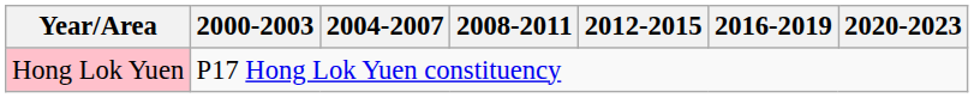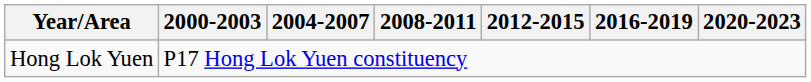 <table class=wikitable>
 <tr>
 <th>Year/Area</th>
 <th>2000-2003</th>
 <th>2004-2007</th>
 <th>2008-2011</th>
 <th>2012-2015</th>
 <th>2016-2019</th>
 <th>2020-2023</th>
 </tr>
 <tr>
-<td style="background: pink;">Hong Lok Yuen</td>
+<td>Hong Lok Yuen</td>
 <td colspan=6>P17 <a href='#'>Hong Lok Yuen constituency</a></td>
 </tr>
 </table>
